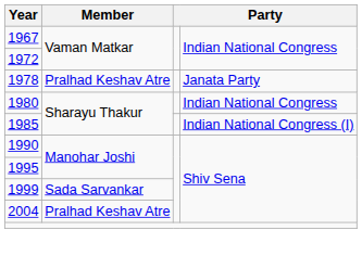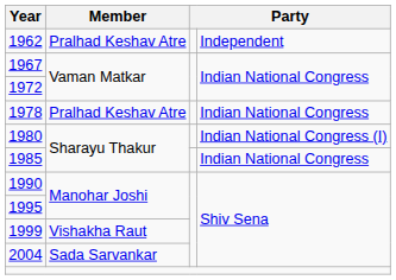 <table class=wikitable>
 <tr>
 <th>Year</th>
 <th>Member</th>
 <th colspan="2">Party</th>
+</tr>
+<tr>
+<td><a href='#'>1962</a></td>
+<td><a href='#'>Pralhad Keshav Atre</a></td>
+<td style="background-color:"></td>
+<td><a href='#'>Independent</a></td>
 </tr>
 <tr>
 <td><a href='#'>1967</a></td>
 <td rowspan="2">Vaman Matkar</td>
 <td rowspan="2" style="background-color:"></td>
 <td rowspan="2"><a href='#'>Indian National Congress</a></td>
 </tr>
 <tr>
 <td><a href='#'>1972</a></td>
 </tr>
 <tr>
 <td><a href='#'>1978</a></td>
 <td><a href='#'>Pralhad Keshav Atre</a></td>
 <td style="background-color:"></td>
-<td><a href='#'>Janata Party</a></td>
+<td><a href='#'>Indian National Congress</a></td>
 </tr>
 <tr>
 <td><a href='#'>1980</a></td>
 <td rowspan="2">Sharayu Thakur</td>
 <td style="background-color:"></td>
-<td><a href='#'>Indian National Congress</a></td>
+<td><a href='#'>Indian National Congress (I)</a></td>
 </tr>
 <tr>
 <td><a href='#'>1985</a></td>
 <td style="background-color:"></td>
-<td><a href='#'>Indian National Congress (I)</a></td>
+<td><a href='#'>Indian National Congress</a></td>
 </tr>
 <tr>
 <td><a href='#'>1990</a></td>
 <td rowspan="2"><a href='#'>Manohar Joshi</a></td>
 <td rowspan="4" style="background-color:"></td>
 <td rowspan="4"><a href='#'>Shiv Sena</a></td>
 </tr>
 <tr>
 <td><a href='#'>1995</a></td>
 </tr>
 <tr>
 <td><a href='#'>1999</a></td>
-<td><a href='#'>Sada Sarvankar</a></td>
+<td><a href='#'>Vishakha Raut</a></td>
 </tr>
 <tr>
 <td><a href='#'>2004</a></td>
-<td><a href='#'>Pralhad Keshav Atre</a></td>
+<td><a href='#'>Sada Sarvankar</a></td>
 </tr>
 <tr>
 <td colspan="4"></td>
 </tr>
 </table>
